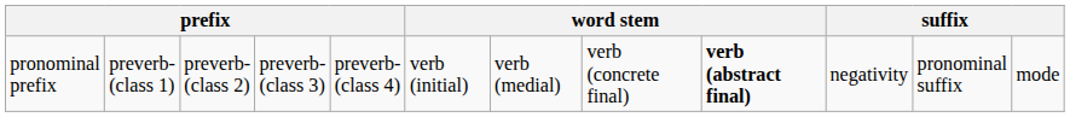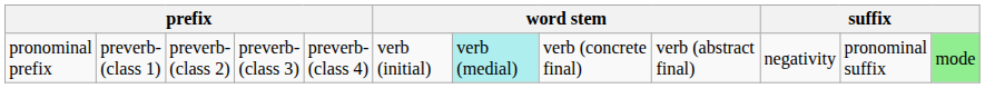 <table class="wikitable">
 <tr>
 <th colspan=5>prefix</th>
 <th colspan=4>word stem</th>
 <th colspan=3>suffix</th>
 </tr>
 <tr>
 <td>pronominal<br>prefix</td>
 <td>preverb-<br>(class 1)</td>
 <td>preverb-<br>(class 2)</td>
 <td>preverb-<br>(class 3)</td>
 <td>preverb-<br>(class 4)</td>
 <td>verb (initial)</td>
-<td>verb (medial)</td>
+<td style="background: paleturquoise;">verb (medial)</td>
 <td>verb (concrete final)</td>
-<td><strong>verb (abstract final)</strong></td>
+<td>verb (abstract final)</td>
 <td>negativity</td>
 <td>pronominal<br>suffix</td>
-<td>mode</td>
+<td style="background: lightgreen;">mode</td>
 </tr>
 </table>
